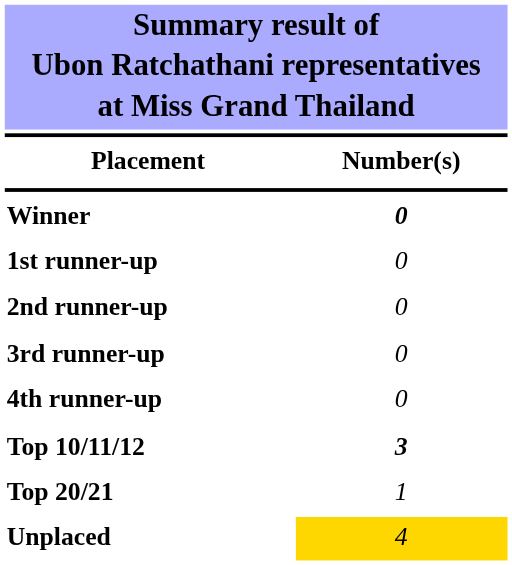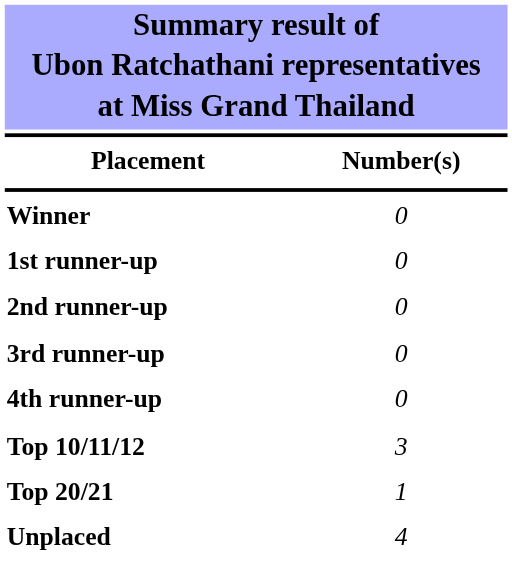 <table style="width: 270px; font-size:85%; line-height:1.5em;">
 <tr>
 <th colspan="2" align="center" style="background:#AAF;"><big>Summary result of<br>Ubon Ratchathani representatives<br>at Miss Grand Thailand</big></th>
 </tr>
 <tr>
 <td colspan="2" style="background:black"></td>
 </tr>
 <tr>
 <th scope="col">Placement</th>
 <th scope="col">Number(s)</th>
 </tr>
 <tr>
 <td colspan="2" style="background:black"></td>
 </tr>
 <tr>
 <td align="left"><strong>Winner</strong></td>
-<td align="center"><strong><em>0</em></strong></td>
+<td align="center"><em>0</em></td>
 </tr>
 <tr>
 <td align="left"><strong>1st runner-up</strong></td>
 <td align="center"><em>0</em></td>
 </tr>
 <tr>
 <td align="left"><strong>2nd runner-up</strong></td>
 <td align="center"><em>0</em></td>
 </tr>
 <tr>
 <td align="left"><strong>3rd runner-up</strong></td>
 <td align="center"><em>0</em></td>
 </tr>
 <tr>
 <td align="left"><strong>4th runner-up</strong></td>
 <td align="center"><em>0</em></td>
 </tr>
 <tr>
 <td align="left"><strong>Top 10/11/12</strong></td>
-<td align="center"><strong><em>3</em></strong></td>
+<td align="center"><em>3</em></td>
 </tr>
 <tr>
 <td align="left"><strong>Top 20/21</strong></td>
 <td align="center"><em>1</em></td>
 </tr>
 <tr>
 <td align="left"><strong>Unplaced</strong></td>
-<td align="center" style="background: gold;"><em>4</em></td>
+<td align="center"><em>4</em></td>
 </tr>
 </table>
